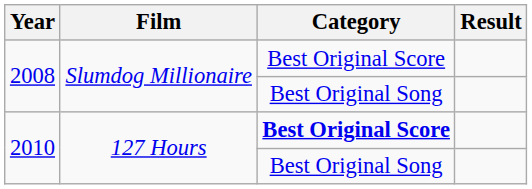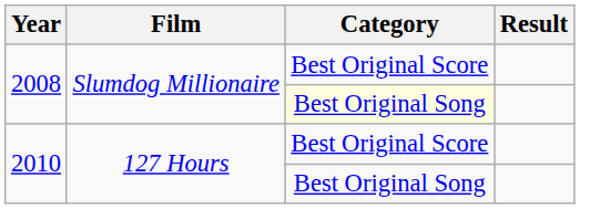 <table class="wikitable">
 <tr>
 <th>Year</th>
 <th>Film</th>
 <th>Category</th>
 <th>Result</th>
 </tr>
 <tr>
 <td rowspan="2" style="text-align:center;"><a href='#'>2008</a></td>
 <td rowspan="2" style="text-align:center;"><em><a href='#'>Slumdog Millionaire</a></em></td>
 <td style="text-align:center;"><a href='#'>Best Original Score</a></td>
 <td></td>
 </tr>
 <tr>
-<td style="text-align:center;"><a href='#'>Best Original Song</a><br></td>
+<td style="background: lightyellow; text-align:center;"><a href='#'>Best Original Song</a><br></td>
 <td></td>
 </tr>
 <tr>
 <td style="text-align:center;" rowspan="2"><a href='#'>2010</a></td>
 <td style="text-align:center;" rowspan="2"><em><a href='#'>127 Hours</a></em></td>
-<td style="text-align:center;"><strong><a href='#'>Best Original Score</a></strong></td>
+<td style="text-align:center;"><a href='#'>Best Original Score</a></td>
 <td></td>
 </tr>
 <tr>
 <td style="text-align:center;"><a href='#'>Best Original Song</a><br></td>
 <td></td>
 </tr>
 </table>
